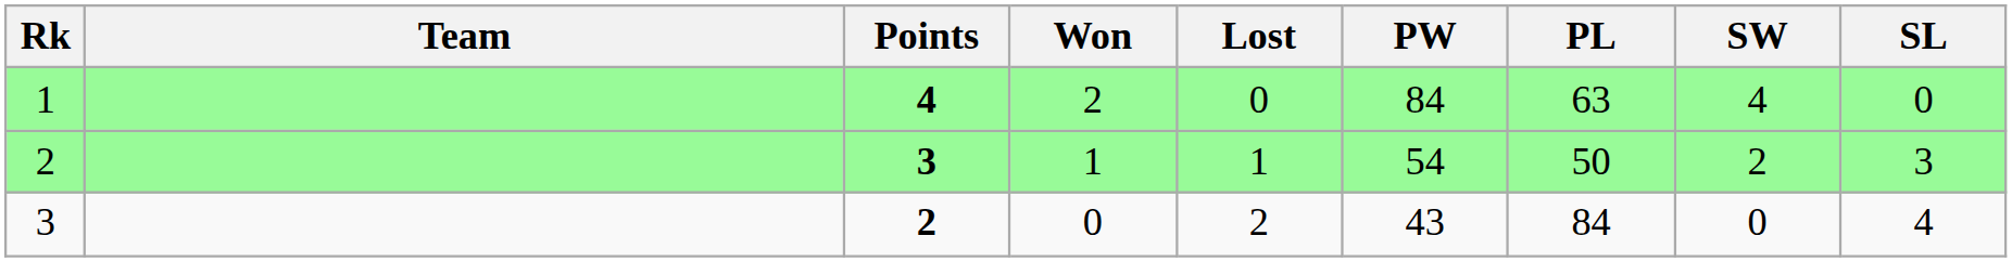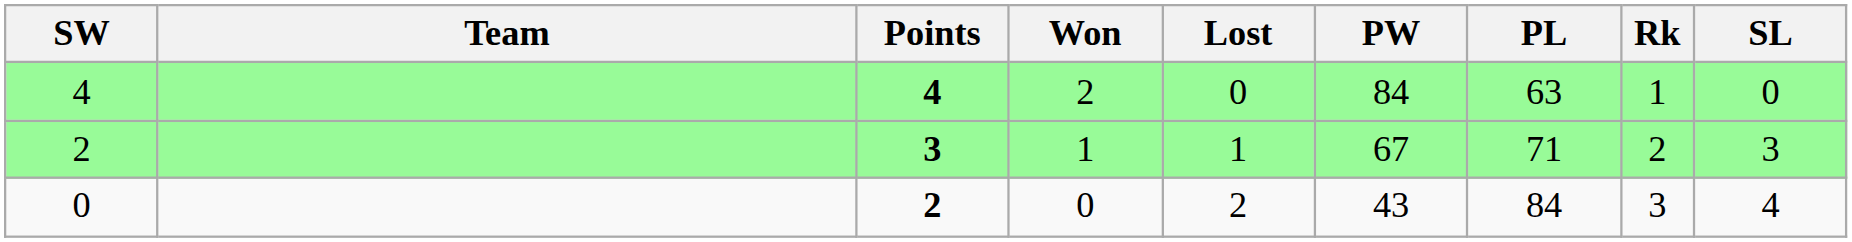 <table class=wikitable style=text-align:center>
 <tr>
-<th width=25>Rk</th>
+<th width=60>SW</th>
 <th width=300>Team</th>
 <th width=60>Points</th>
 <th width=60>Won</th>
 <th width=60>Lost</th>
 <th width=60>PW</th>
 <th width=60>PL</th>
-<th width=60>SW</th>
+<th width=25>Rk</th>
 <th width=60>SL</th>
 </tr>
 <tr bgcolor="#98fb98">
-<td>1</td>
+<td>4</td>
 <td align=left></td>
 <td><strong>4</strong></td>
 <td>2</td>
 <td>0</td>
 <td>84</td>
 <td>63</td>
-<td>4</td>
+<td>1</td>
 <td>0</td>
 </tr>
 <tr bgcolor="#98fb98">
 <td>2</td>
 <td align=left></td>
 <td><strong>3</strong></td>
 <td>1</td>
 <td>1</td>
-<td>54</td>
-<td>50</td>
+<td>67</td>
+<td>71</td>
 <td>2</td>
 <td>3</td>
 </tr>
 <tr>
-<td>3</td>
+<td>0</td>
 <td align=left></td>
 <td><strong>2</strong></td>
 <td>0</td>
 <td>2</td>
 <td>43</td>
 <td>84</td>
-<td>0</td>
+<td>3</td>
 <td>4</td>
 </tr>
 </table>
